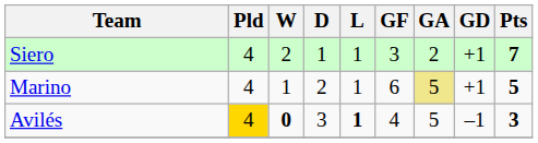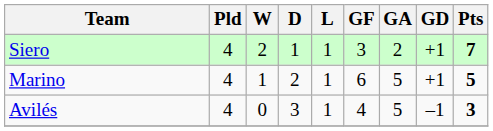 <table class="wikitable" style="text-align: center;">
 <tr>
 <th width=165>Team</th>
 <th width=20>Pld</th>
 <th width=20>W</th>
 <th width=20>D</th>
 <th width=20>L</th>
 <th width=20>GF</th>
 <th width=20>GA</th>
 <th width=20>GD</th>
 <th width=20>Pts</th>
 </tr>
 <tr bgcolor=#ccffcc>
 <td align=left><a href='#'>Siero</a></td>
 <td>4</td>
 <td>2</td>
 <td>1</td>
 <td>1</td>
 <td>3</td>
 <td>2</td>
 <td>+1</td>
 <td><strong>7</strong></td>
 </tr>
 <tr>
 <td align=left><a href='#'>Marino</a></td>
 <td>4</td>
 <td>1</td>
 <td>2</td>
 <td>1</td>
 <td>6</td>
-<td style="background: khaki;">5</td>
+<td>5</td>
 <td>+1</td>
 <td><strong>5</strong></td>
 </tr>
 <tr>
 <td align=left><a href='#'>Avilés</a></td>
-<td style="background: gold;">4</td>
-<td><strong>0</strong></td>
+<td>4</td>
+<td>0</td>
 <td>3</td>
-<td><strong>1</strong></td>
+<td>1</td>
 <td>4</td>
 <td>5</td>
 <td>–1</td>
 <td><strong>3</strong></td>
 </tr>
 <tr>
 </tr>
 </table>
